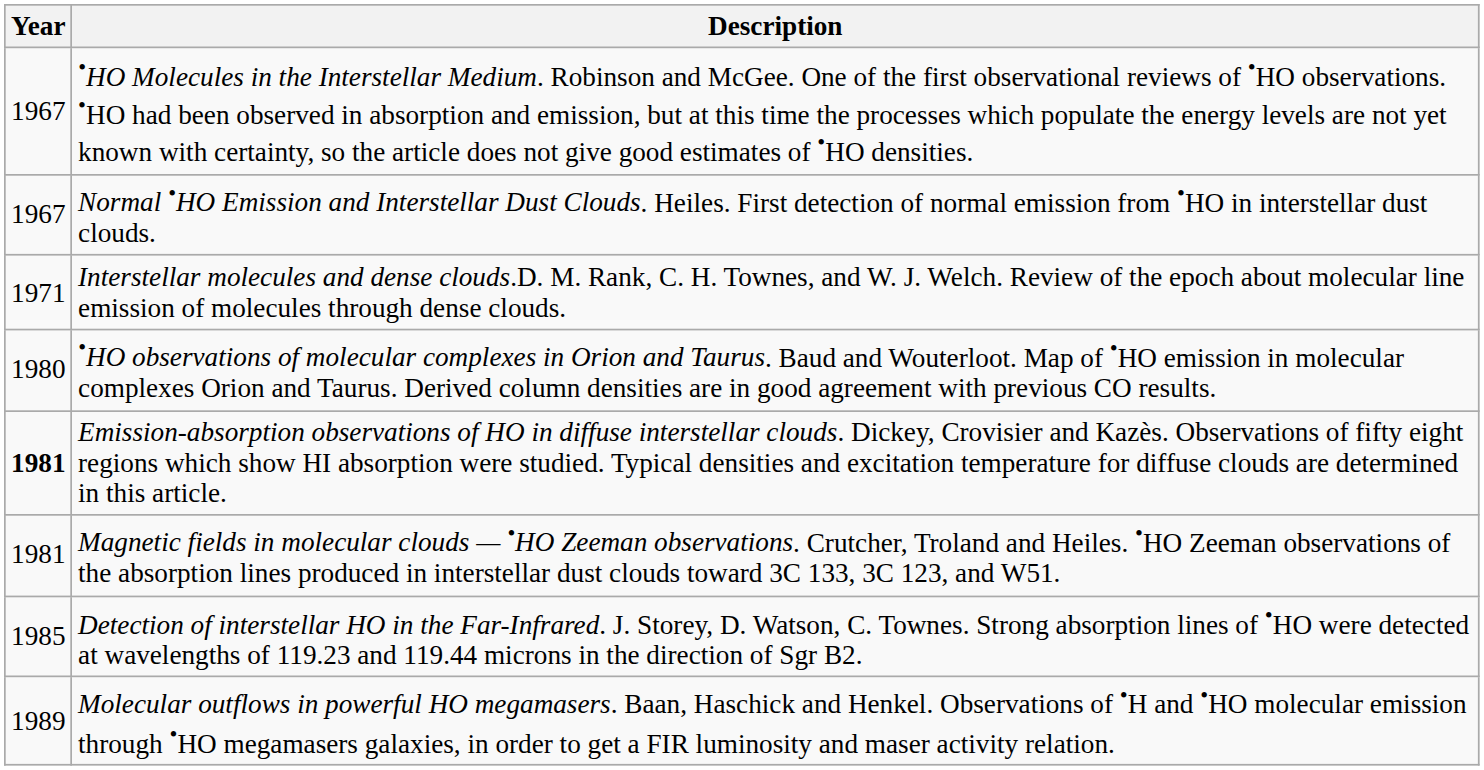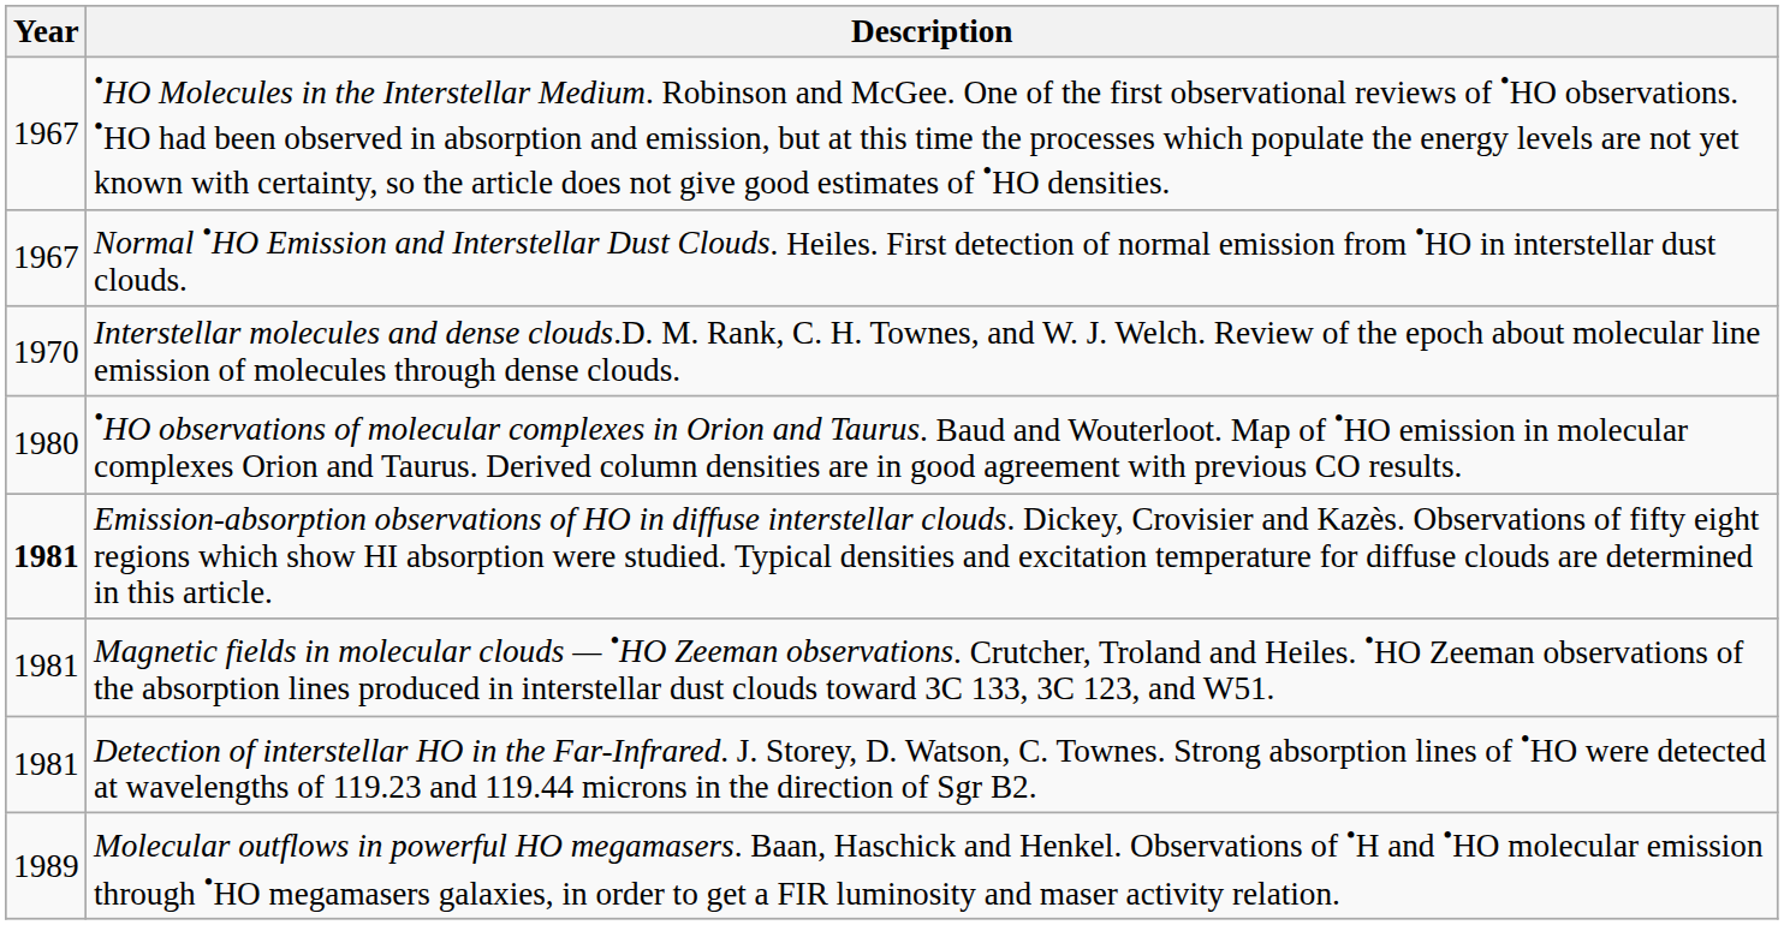 <table class="wikitable" border="1">
 <tr>
 <th><strong>Year</strong></th>
 <th><strong>Description</strong></th>
 </tr>
 <tr>
 <td>1967</td>
 <td><em><sup>•</sup>HO Molecules in the Interstellar Medium</em>. Robinson and McGee.  One of the first observational reviews of <sup>•</sup>HO observations.  <sup>•</sup>HO had been observed in absorption and emission, but at this time the processes which populate the energy levels are not yet known with certainty, so the article does not give good estimates of <sup>•</sup>HO densities.</td>
 </tr>
 <tr>
 <td>1967</td>
 <td><em>Normal <sup>•</sup>HO Emission and Interstellar Dust Clouds</em>. Heiles.  First detection of normal emission from <sup>•</sup>HO in interstellar dust clouds.</td>
 </tr>
 <tr>
-<td>1971</td>
+<td>1970</td>
 <td><em>Interstellar molecules and dense clouds</em>.D. M. Rank, C. H. Townes, and W. J. Welch. Review of the epoch about molecular line emission of molecules through dense clouds.</td>
 </tr>
 <tr>
 <td>1980</td>
 <td><em><sup>•</sup>HO observations of molecular complexes in Orion and Taurus</em>. Baud and Wouterloot.  Map of <sup>•</sup>HO emission in molecular complexes Orion and Taurus.  Derived column densities are in good agreement with previous CO results.</td>
 </tr>
 <tr>
 <td><strong>1981</strong></td>
 <td><em>Emission-absorption observations of HO in diffuse interstellar clouds</em>. Dickey, Crovisier and Kazès. Observations of fifty eight regions which show HI absorption were studied.  Typical densities and excitation temperature for diffuse clouds are determined in this article.</td>
 </tr>
 <tr>
 <td>1981</td>
 <td><em>Magnetic fields in molecular clouds — <sup>•</sup>HO Zeeman observations</em>. Crutcher, Troland and Heiles.  <sup>•</sup>HO Zeeman observations of the absorption lines produced in interstellar dust clouds toward 3C 133, 3C 123, and W51.</td>
 </tr>
 <tr>
-<td>1985</td>
+<td>1981</td>
 <td><em>Detection of interstellar HO in the Far-Infrared</em>. J. Storey, D.  Watson, C. Townes. Strong absorption lines of <sup>•</sup>HO were detected at wavelengths of 119.23 and 119.44 microns in the direction of Sgr B2.</td>
 </tr>
 <tr>
 <td>1989</td>
 <td><em>Molecular outflows in powerful HO megamasers</em>. Baan, Haschick and Henkel. Observations of <sup>•</sup>H and <sup>•</sup>HO molecular emission through <sup>•</sup>HO megamasers galaxies, in order to get a FIR luminosity and maser activity relation.</td>
 </tr>
 </table>
